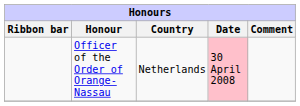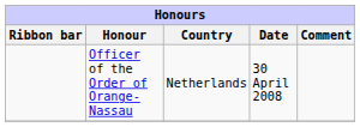 <table class="wikitable" style="width:60%;">
 <tr style="background:#ccf; text-align:center;">
 <td colspan=5><strong>Honours</strong></td>
 </tr>
 <tr>
 <th style="width:80px;">Ribbon bar</th>
 <th>Honour</th>
 <th>Country</th>
 <th>Date</th>
 <th>Comment</th>
 </tr>
 <tr>
 <td></td>
 <td><a href='#'>Officer</a> of the <a href='#'>Order of Orange-Nassau</a></td>
 <td>Netherlands</td>
-<td style="background: pink;">30 April 2008</td>
+<td>30 April 2008</td>
 <td></td>
 </tr>
 <tr>
 </tr>
 </table>
